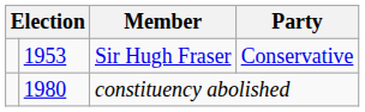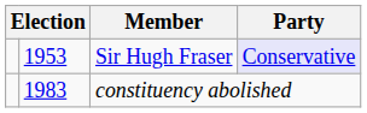 <table class="wikitable">
 <tr>
 <th colspan="2">Election</th>
 <th>Member </th>
 <th>Party</th>
 </tr>
 <tr>
 <td style="color:inherit;background-color: "></td>
 <td><a href='#'>1953</a></td>
 <td><a href='#'>Sir Hugh Fraser</a></td>
-<td><a href='#'>Conservative</a></td>
+<td style="background: lavender;"><a href='#'>Conservative</a></td>
 </tr>
 <tr>
 <td></td>
-<td><a href='#'>1980</a></td>
+<td><a href='#'>1983</a></td>
 <td colspan="2"><em>constituency abolished</em></td>
 </tr>
 </table>
